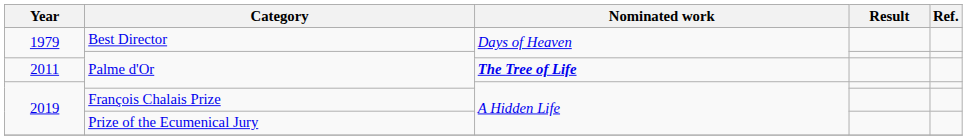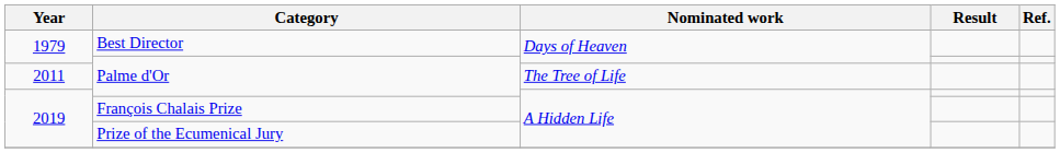 <table class=wikitable>
 <tr>
 <th scope="col" style="width:5em;">Year</th>
 <th scope="col" style="width:26em;">Category</th>
 <th scope="col" style="width:25em;">Nominated work</th>
 <th scope="col" style="width:5em;">Result</th>
 <th>Ref.</th>
 </tr>
 <tr>
 <td style="text-align:center;", rowspan=2><a href='#'>1979</a></td>
 <td><a href='#'>Best Director</a></td>
 <td rowspan=2><em><a href='#'>Days of Heaven</a></em></td>
 <td></td>
 <td style="text-align: center;"></td>
 </tr>
 <tr>
 <td rowspan="3"><a href='#'>Palme d'Or</a></td>
 <td></td>
 <td style="text-align: center;"></td>
 </tr>
 <tr>
 <td style="text-align:center;"><a href='#'>2011</a></td>
-<td><strong><em><a href='#'>The Tree of Life</a></em></strong></td>
+<td><em><a href='#'>The Tree of Life</a></em></td>
 <td></td>
 <td style="text-align: center;"></td>
 </tr>
 <tr>
 <td style="text-align:center;", rowspan="3"><a href='#'>2019</a></td>
 <td rowspan="3"><a href='#'><em>A Hidden Life</em></a></td>
 <td></td>
 <td></td>
 </tr>
 <tr>
 <td><a href='#'>François Chalais Prize</a></td>
 <td></td>
 <td></td>
 </tr>
 <tr>
 <td><a href='#'>Prize of the Ecumenical Jury</a></td>
 <td></td>
 <td></td>
 </tr>
 <tr>
 </tr>
 </table>
